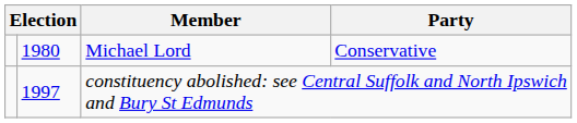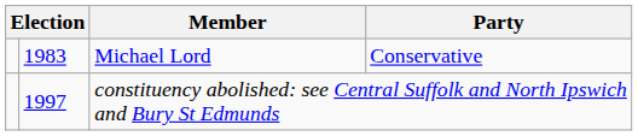 <table class="wikitable">
 <tr>
 <th colspan="2">Election</th>
 <th>Member</th>
 <th>Party</th>
 </tr>
 <tr>
 <td style="color:inherit;background-color: "></td>
-<td><a href='#'>1980</a></td>
+<td><a href='#'>1983</a></td>
 <td><a href='#'>Michael Lord</a></td>
 <td><a href='#'>Conservative</a></td>
 </tr>
 <tr>
 <td></td>
 <td><a href='#'>1997</a></td>
 <td colspan="2"><em>constituency abolished: see <a href='#'>Central Suffolk and North Ipswich</a><br>and <a href='#'>Bury St Edmunds</a></em></td>
 </tr>
 </table>
